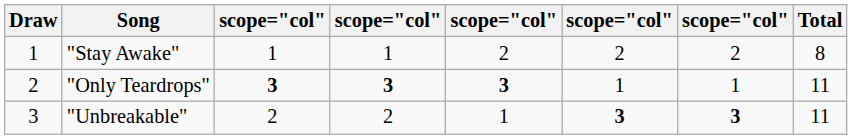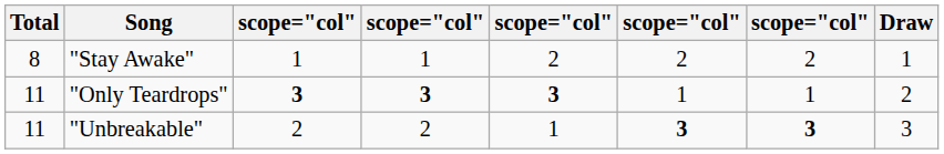 <table class="wikitable collapsible" style="margin: 1em auto 1em auto; text-align:center;">
 <tr>
-<th>Draw</th>
+<th>Total</th>
 <th>Song</th>
 <th>scope="col" </th>
 <th>scope="col" </th>
 <th>scope="col" </th>
 <th>scope="col" </th>
 <th>scope="col" </th>
-<th>Total</th>
+<th>Draw</th>
 </tr>
 <tr>
-<td>1</td>
+<td>8</td>
 <td align=left>"Stay Awake"</td>
 <td>1</td>
 <td>1</td>
 <td>2</td>
 <td>2</td>
 <td>2</td>
-<td>8</td>
+<td>1</td>
 </tr>
 <tr>
-<td>2</td>
+<td>11</td>
 <td align=left>"Only Teardrops"</td>
 <td><strong>3</strong></td>
 <td><strong>3</strong></td>
 <td><strong>3</strong></td>
 <td>1</td>
 <td>1</td>
-<td>11</td>
+<td>2</td>
 </tr>
 <tr>
-<td>3</td>
+<td>11</td>
 <td align=left>"Unbreakable"</td>
 <td>2</td>
 <td>2</td>
 <td>1</td>
 <td><strong>3</strong></td>
 <td><strong>3</strong></td>
-<td>11</td>
+<td>3</td>
 </tr>
 </table>
